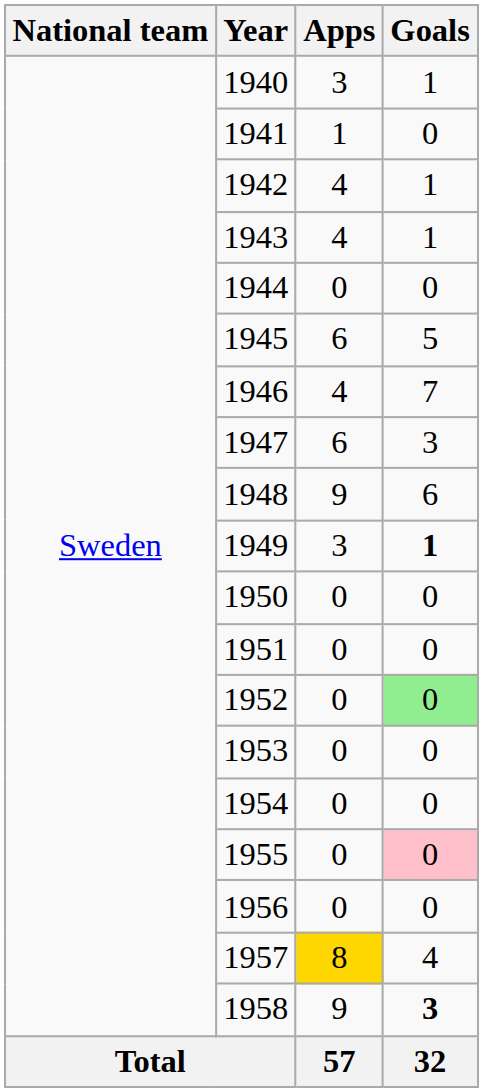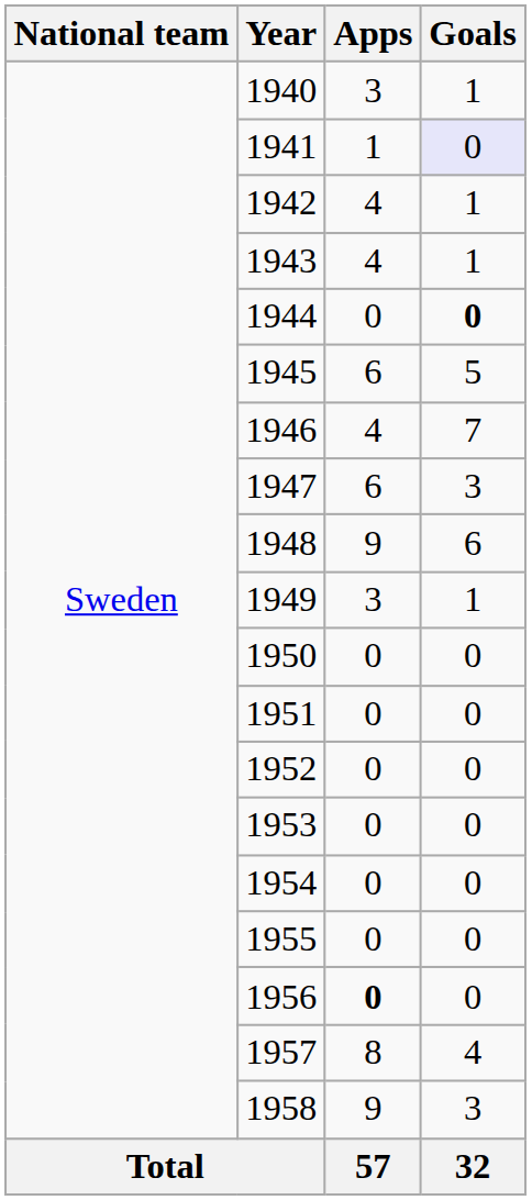 <table class="wikitable" style="text-align:center">
 <tr>
 <th>National team</th>
 <th>Year</th>
 <th>Apps</th>
 <th>Goals</th>
 </tr>
 <tr>
 <td rowspan="19"><a href='#'>Sweden</a></td>
 <td>1940</td>
 <td>3</td>
 <td>1</td>
 </tr>
 <tr>
 <td>1941</td>
 <td>1</td>
-<td>0</td>
+<td style="background: lavender;">0</td>
 </tr>
 <tr>
 <td>1942</td>
 <td>4</td>
 <td>1</td>
 </tr>
 <tr>
 <td>1943</td>
 <td>4</td>
 <td>1</td>
 </tr>
 <tr>
 <td>1944</td>
 <td>0</td>
-<td>0</td>
+<td><strong>0</strong></td>
 </tr>
 <tr>
 <td>1945</td>
 <td>6</td>
 <td>5</td>
 </tr>
 <tr>
 <td>1946</td>
 <td>4</td>
 <td>7</td>
 </tr>
 <tr>
 <td>1947</td>
 <td>6</td>
 <td>3</td>
 </tr>
 <tr>
 <td>1948</td>
 <td>9</td>
 <td>6</td>
 </tr>
 <tr>
 <td>1949</td>
 <td>3</td>
-<td><strong>1</strong></td>
+<td>1</td>
 </tr>
 <tr>
 <td>1950</td>
 <td>0</td>
 <td>0</td>
 </tr>
 <tr>
 <td>1951</td>
 <td>0</td>
 <td>0</td>
 </tr>
 <tr>
 <td>1952</td>
 <td>0</td>
-<td style="background: lightgreen;">0</td>
+<td>0</td>
 </tr>
 <tr>
 <td>1953</td>
 <td>0</td>
 <td>0</td>
 </tr>
 <tr>
 <td>1954</td>
 <td>0</td>
 <td>0</td>
 </tr>
 <tr>
 <td>1955</td>
 <td>0</td>
-<td style="background: pink;">0</td>
+<td>0</td>
 </tr>
 <tr>
 <td>1956</td>
-<td>0</td>
+<td><strong>0</strong></td>
 <td>0</td>
 </tr>
 <tr>
 <td>1957</td>
-<td style="background: gold;">8</td>
+<td>8</td>
 <td>4</td>
 </tr>
 <tr>
 <td>1958</td>
 <td>9</td>
-<td><strong>3</strong></td>
+<td>3</td>
 </tr>
 <tr>
 <th colspan="2">Total</th>
 <th>57</th>
 <th>32</th>
 </tr>
 </table>
